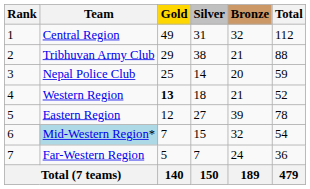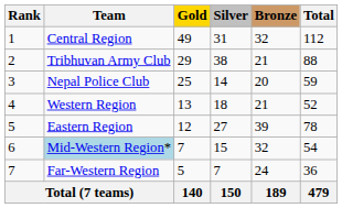 <table class="wikitable sortable">
 <tr>
 <th>Rank</th>
 <th>Team</th>
 <th style="background:gold">Gold</th>
 <th style="background:silver">Silver</th>
 <th style="background:#cc9966">Bronze</th>
 <th>Total</th>
 </tr>
 <tr>
 <td>1</td>
 <td><a href='#'>Central Region</a></td>
 <td>49</td>
 <td>31</td>
 <td>32</td>
 <td>112</td>
 </tr>
 <tr>
 <td>2</td>
 <td><a href='#'>Tribhuvan Army Club</a></td>
 <td>29</td>
 <td>38</td>
 <td>21</td>
 <td>88</td>
 </tr>
 <tr>
 <td>3</td>
 <td><a href='#'>Nepal Police Club</a></td>
 <td>25</td>
 <td>14</td>
 <td>20</td>
 <td>59</td>
 </tr>
 <tr>
 <td>4</td>
 <td><a href='#'>Western Region</a></td>
-<td><strong>13</strong></td>
+<td>13</td>
 <td>18</td>
 <td>21</td>
 <td>52</td>
 </tr>
 <tr>
 <td>5</td>
 <td><a href='#'>Eastern Region</a></td>
 <td>12</td>
 <td>27</td>
 <td>39</td>
 <td>78</td>
 </tr>
 <tr>
 <td>6</td>
 <td style="background:lightblue"><a href='#'>Mid-Western Region</a>*</td>
 <td>7</td>
 <td>15</td>
 <td>32</td>
 <td>54</td>
 </tr>
 <tr>
 <td>7</td>
 <td><a href='#'>Far-Western Region</a></td>
 <td>5</td>
 <td>7</td>
 <td>24</td>
 <td>36</td>
 </tr>
 <tr>
 <th colspan="2">Total (7 teams)</th>
 <th>140</th>
 <th>150</th>
 <th>189</th>
 <th>479</th>
 </tr>
 </table>
